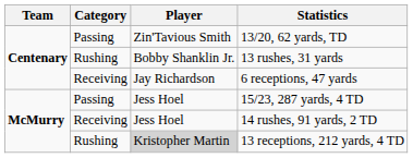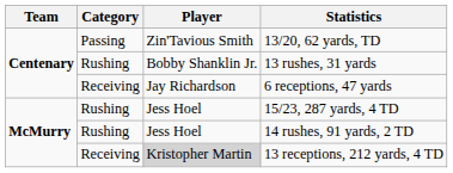 <table class="wikitable" style="float: left;">
 <tr>
 <th>Team</th>
 <th>Category</th>
 <th>Player</th>
 <th>Statistics</th>
 </tr>
 <tr>
 <td rowspan=3><strong>Centenary</strong></td>
 <td>Passing</td>
 <td>Zin'Tavious Smith</td>
 <td>13/20, 62 yards, TD</td>
 </tr>
 <tr>
 <td>Rushing</td>
 <td>Bobby Shanklin Jr.</td>
 <td>13 rushes, 31 yards</td>
 </tr>
 <tr>
 <td>Receiving</td>
 <td>Jay Richardson</td>
 <td>6 receptions, 47 yards</td>
 </tr>
 <tr>
 <td rowspan=3><strong>McMurry</strong></td>
-<td>Passing</td>
+<td>Rushing</td>
 <td>Jess Hoel</td>
 <td>15/23, 287 yards, 4 TD</td>
 </tr>
 <tr>
-<td>Receiving</td>
+<td>Rushing</td>
 <td>Jess Hoel</td>
 <td>14 rushes, 91 yards, 2 TD</td>
 </tr>
 <tr>
-<td>Rushing</td>
+<td>Receiving</td>
 <td style="background: lightgrey;">Kristopher Martin</td>
 <td>13 receptions, 212 yards, 4 TD</td>
 </tr>
 </table>
